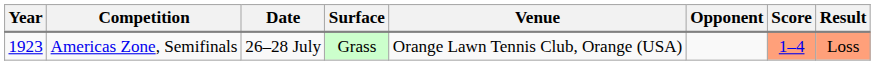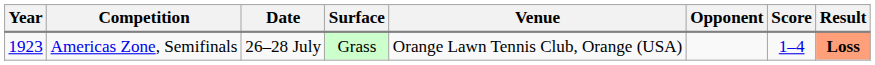 <table class="wikitable sortable">
 <tr>
 <th scope="col">Year</th>
 <th scope="col">Competition</th>
 <th scope="col">Date</th>
 <th scope="col">Surface</th>
 <th scope="col">Venue</th>
 <th scope="col">Opponent</th>
 <th scope="col">Score</th>
 <th scope="col">Result</th>
 </tr>
 <tr style="border-top:2px solid gray;">
 <td align="center" rowspan="6"><a href='#'>1923</a></td>
 <td><a href='#'>Americas Zone</a>, Semifinals</td>
 <td>26–28 July</td>
 <td align="center" bgcolor=ccffcc>Grass</td>
 <td>Orange Lawn Tennis Club, Orange (USA)</td>
 <td></td>
-<td align="center" style="background: lightsalmon;"><a href='#'>1–4</a></td>
-<td align="center" bgcolor="#FFA07A">Loss</td>
+<td align="center"><a href='#'>1–4</a></td>
+<td align="center" bgcolor="#FFA07A"><strong>Loss</strong></td>
 </tr>
 </table>
